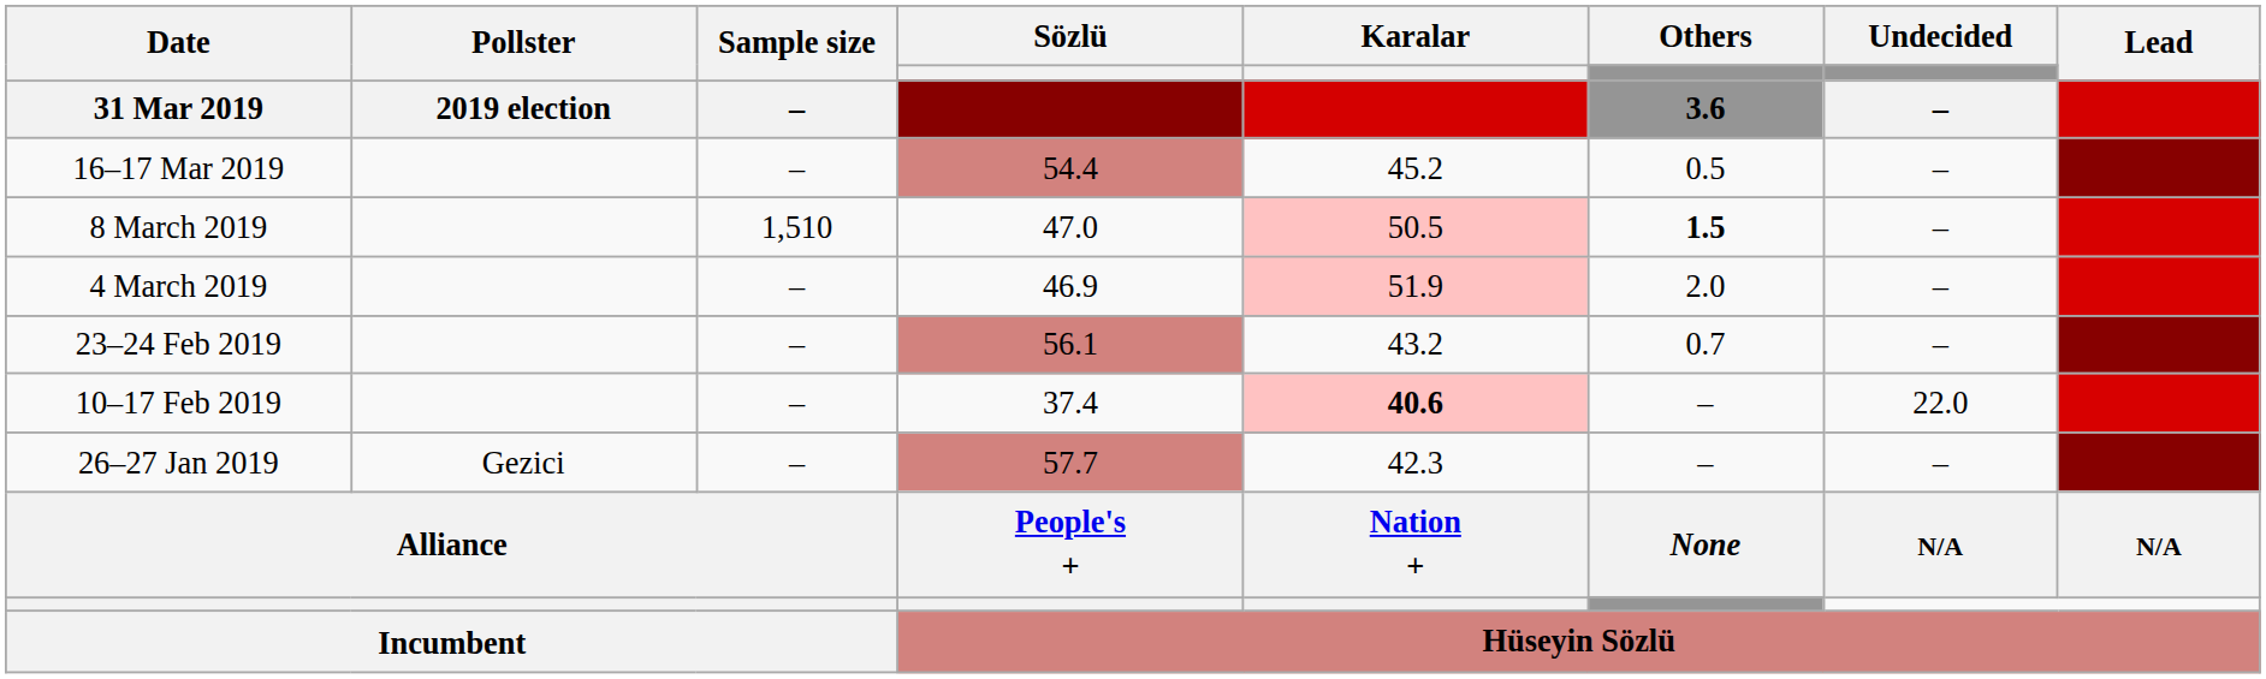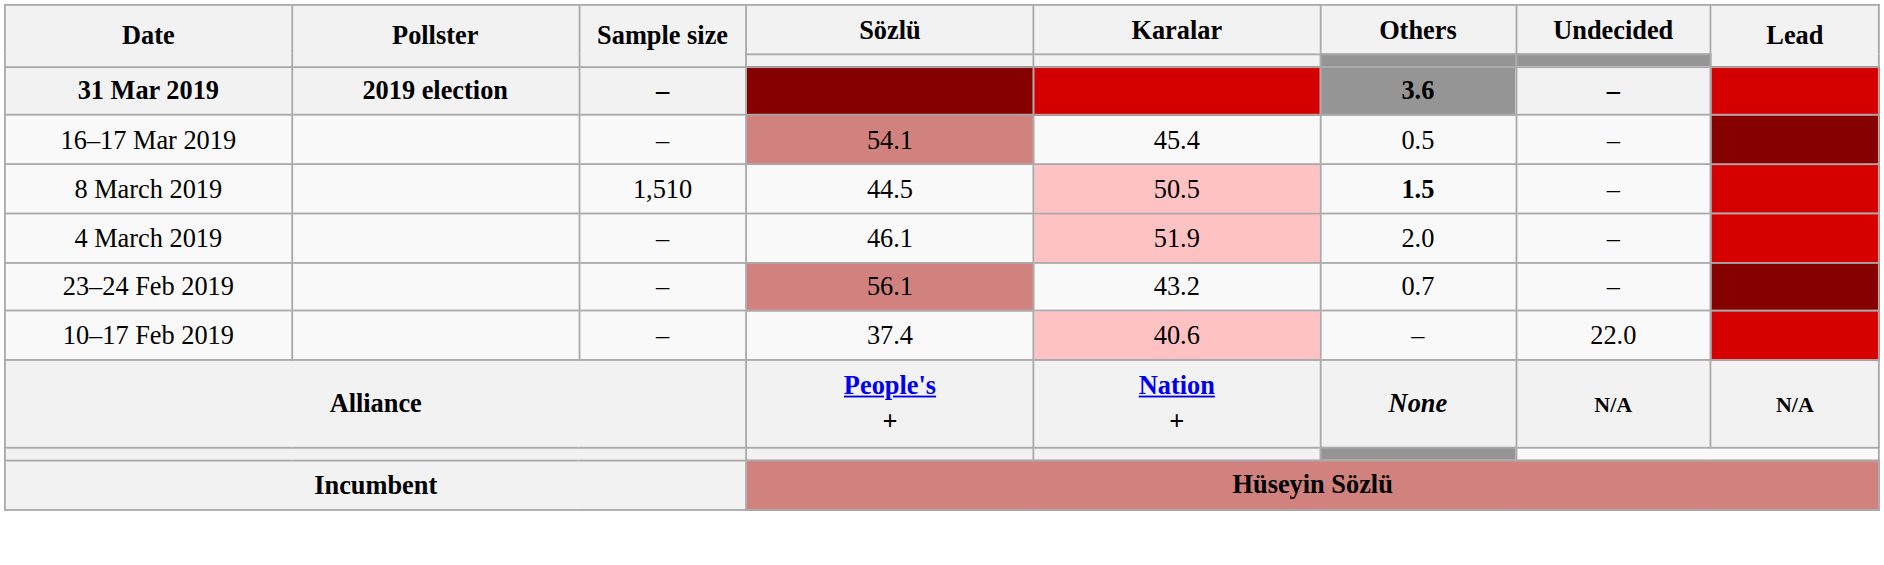 <table class="wikitable" style="text-align:center; font-size:90%; line-height:20px;">
 <tr>
 <th rowspan=2 width="150px">Date</th>
 <th rowspan=2 width="150px">Pollster</th>
 <th rowspan=2 width="85px">Sample size</th>
 <th width=150>Sözlü</th>
 <th width=150>Karalar</th>
 <th width=100>Others</th>
 <th width=100>Undecided</th>
 <th width=85 rowspan=2>Lead</th>
 </tr>
 <tr>
 <th style="background: "></th>
 <th style="background: "></th>
 <th style="background: #959595"></th>
 <th style="background: #959595"></th>
 </tr>
 <tr>
 <th>31 Mar 2019</th>
 <th>2019 election</th>
 <th>–</th>
 <th style="background: #870000"></th>
 <th style="background: #d40000"></th>
 <th style="background: #959595">3.6</th>
 <th>–</th>
 <th style="background: #d40000"></th>
 </tr>
 <tr>
 <td>16–17 Mar 2019</td>
 <td></td>
 <td>–</td>
-<td style="background: #d2827e">54.4</td>
-<td>45.2</td>
+<td style="background: #d2827e">54.1</td>
+<td>45.4</td>
 <td>0.5</td>
 <td>–</td>
 <td style="background: #870000"></td>
 </tr>
 <tr>
 <td>8 March 2019</td>
 <td></td>
 <td>1,510</td>
-<td>47.0</td>
+<td>44.5</td>
 <td style="background: #FFC2C2">50.5</td>
 <td><strong>1.5</strong></td>
 <td>–</td>
 <td style="background: #d70000"></td>
 </tr>
 <tr>
 <td>4 March 2019</td>
 <td></td>
 <td>–</td>
-<td>46.9</td>
+<td>46.1</td>
 <td style="background: #FFC2C2">51.9</td>
 <td>2.0</td>
 <td>–</td>
 <td style="background: #d70000"></td>
 </tr>
 <tr>
 <td>23–24 Feb 2019</td>
 <td></td>
 <td>–</td>
 <td style="background: #d2827e">56.1</td>
 <td>43.2</td>
 <td>0.7</td>
 <td>–</td>
 <td style="background: #870000"></td>
 </tr>
 <tr>
 <td>10–17 Feb 2019</td>
 <td></td>
 <td>–</td>
 <td>37.4</td>
-<td style="background: #FFC2C2"><strong>40.6</strong></td>
+<td style="background: #FFC2C2">40.6</td>
 <td>–</td>
 <td>22.0</td>
 <td style="background: #d70000"></td>
-</tr>
-<tr>
-<td>26–27 Jan 2019</td>
-<td>Gezici</td>
-<td>–</td>
-<td style="background: #d2827e">57.7</td>
-<td>42.3</td>
-<td>–</td>
-<td>–</td>
-<td style="background: #870000"></td>
 </tr>
 <tr>
 <th colspan=3>Alliance</th>
 <th width=150><a href='#'>People's</a><br><small></small> + <small></small></th>
 <th width=150><a href='#'>Nation</a><br><small></small> + <small></small></th>
 <th width=100><em>None</em></th>
 <th width=100><small>N/A</small></th>
 <th width=85><small>N/A</small></th>
 </tr>
 <tr>
 <th colspan=3></th>
 <th style="background: "></th>
 <th style="background: "></th>
 <th style="background: #959595"></th>
 </tr>
 <tr>
 <th colspan=3>Incumbent</th>
 <th style="background: #d2827e" colspan=5>Hüseyin Sözlü <small></small></th>
 </tr>
 </table>
